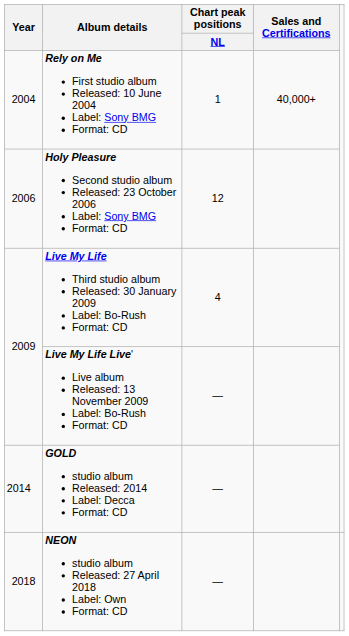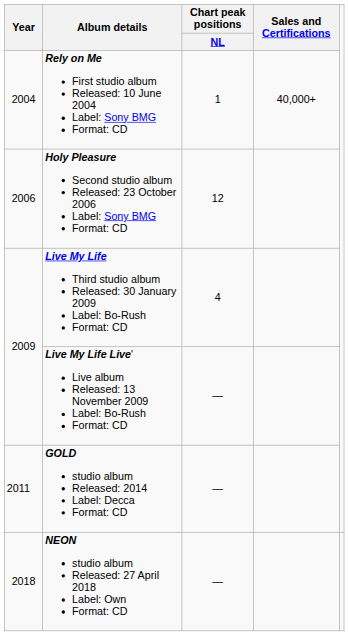 <table class="wikitable">
 <tr>
 <th rowspan="2" width="50">Year</th>
 <th rowspan="2" width="200">Album details</th>
 <th colspan="1" width="100">Chart peak positions</th>
 <th rowspan="2" width="120">Sales and <a href='#'>Certifications</a></th>
 </tr>
 <tr>
 <th><a href='#'>NL</a></th>
 </tr>
 <tr>
 <td align="center">2004</td>
 <td><strong><em>Rely on Me</em></strong><br><ul><li>First studio album</li><li>Released: 10 June 2004</li><li>Label: <a href='#'>Sony BMG</a></li><li>Format: CD</li></ul></td>
 <td align="center">1</td>
 <td align="center">40,000+ <br> </td>
 </tr>
 <tr>
 <td align="center">2006</td>
 <td><strong><em>Holy Pleasure</em></strong><br><ul><li>Second studio album</li><li>Released: 23 October 2006</li><li>Label: <a href='#'>Sony BMG</a></li><li>Format: CD</li></ul></td>
 <td align="center">12</td>
 <td></td>
 </tr>
 <tr>
 <td rowspan="2" align="center">2009</td>
 <td><strong><em><a href='#'>Live My Life</a></em></strong><br><ul><li>Third studio album</li><li>Released: 30 January 2009</li><li>Label: Bo-Rush</li><li>Format: CD</li></ul></td>
 <td align="center">4</td>
 <td></td>
 </tr>
 <tr>
 <td><strong><em>Live My Life Live</em></strong>'<br><ul><li>Live album</li><li>Released: 13 November 2009</li><li>Label: Bo-Rush</li><li>Format: CD</li></ul></td>
 <td align="center">—</td>
 <td></td>
 </tr>
 <tr>
-<td>2014</td>
+<td>2011</td>
 <td><strong><em>GOLD</em></strong><br><ul><li>studio album</li><li>Released: 2014</li><li>Label: Decca</li><li>Format: CD</li></ul></td>
 <td align="center">—</td>
 <td></td>
 </tr>
 <tr>
 <td align="center">2018</td>
 <td><strong><em>NEON</em></strong><br><ul><li>studio album</li><li>Released: 27 April 2018</li><li>Label: Own</li><li>Format: CD</li></ul></td>
 <td align="center">—</td>
 <td></td>
 <td></td>
 </tr>
 </table>
